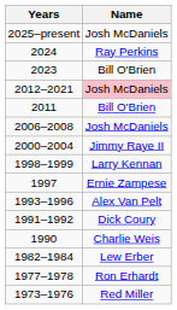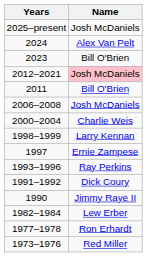 <table class="wikitable" style="text-align:center">
 <tr>
 <th>Years</th>
 <th>Name</th>
 </tr>
 <tr>
 <td>2025–present</td>
 <td>Josh McDaniels</td>
 </tr>
 <tr>
 <td>2024</td>
-<td><a href='#'>Ray Perkins</a></td>
+<td><a href='#'>Alex Van Pelt</a></td>
 </tr>
 <tr>
 <td>2023</td>
 <td>Bill O'Brien</td>
 </tr>
 <tr>
 <td>2012–2021</td>
 <td style="background: pink;">Josh McDaniels</td>
 </tr>
 <tr>
 <td>2011</td>
 <td><a href='#'>Bill O'Brien</a></td>
 </tr>
 <tr>
 <td>2006–2008</td>
 <td><a href='#'>Josh McDaniels</a></td>
 </tr>
 <tr>
 <td>2000–2004</td>
-<td><a href='#'>Jimmy Raye II</a></td>
+<td><a href='#'>Charlie Weis</a></td>
 </tr>
 <tr>
 <td>1998–1999</td>
 <td><a href='#'>Larry Kennan</a></td>
 </tr>
 <tr>
 <td>1997</td>
 <td><a href='#'>Ernie Zampese</a></td>
 </tr>
 <tr>
 <td>1993–1996</td>
-<td><a href='#'>Alex Van Pelt</a></td>
+<td><a href='#'>Ray Perkins</a></td>
 </tr>
 <tr>
 <td>1991–1992</td>
 <td><a href='#'>Dick Coury</a></td>
 </tr>
 <tr>
 <td>1990</td>
-<td><a href='#'>Charlie Weis</a></td>
+<td><a href='#'>Jimmy Raye II</a></td>
 </tr>
 <tr>
 <td>1982–1984</td>
 <td><a href='#'>Lew Erber</a></td>
 </tr>
 <tr>
 <td>1977–1978</td>
 <td><a href='#'>Ron Erhardt</a></td>
 </tr>
 <tr>
 <td>1973–1976</td>
 <td><a href='#'>Red Miller</a></td>
 </tr>
 </table>
